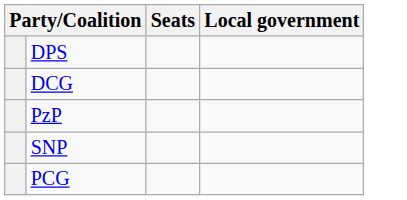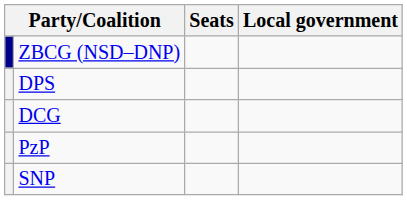 <table class="wikitable" style="text-align:left;">
 <tr>
 <th colspan=2>Party/Coalition</th>
 <th>Seats</th>
 <th>Local government</th>
+</tr>
+<tr>
+<th style="background-color: darkblue"></th>
+<td><a href='#'>ZBCG (NSD–DNP)</a></td>
+<td></td>
+<td></td>
 </tr>
 <tr>
 <th style="background-color: "></th>
 <td><a href='#'>DPS</a></td>
 <td></td>
 <td></td>
 </tr>
 <tr>
 <th style="background-color: "></th>
 <td><a href='#'>DCG</a></td>
 <td></td>
 <td></td>
 </tr>
 <tr>
 <th style="background-color:"></th>
 <td><a href='#'>PzP</a></td>
 <td></td>
 <td></td>
 </tr>
 <tr>
 <th style="background-color: "></th>
 <td><a href='#'>SNP</a></td>
 <td></td>
 <td></td>
 </tr>
-<tr>
-<th style="background-color: "></th>
-<td><a href='#'>PCG</a></td>
-<td></td>
-<td></td>
-</tr>
 </table>
